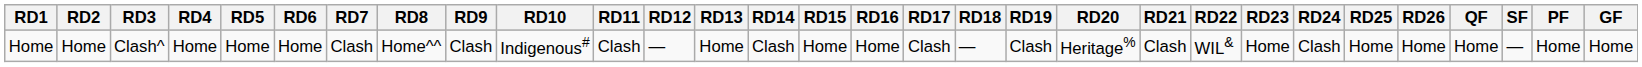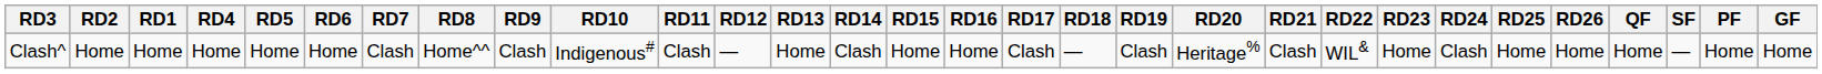 <table class="wikitable" style="font-size:70%; width:40%">
 <tr>
+<th>RD3</th>
+<th>RD2</th>
 <th>RD1</th>
-<th>RD2</th>
-<th>RD3</th>
 <th>RD4</th>
 <th>RD5</th>
 <th>RD6</th>
 <th>RD7</th>
 <th>RD8</th>
 <th>RD9</th>
 <th>RD10</th>
 <th>RD11</th>
 <th>RD12</th>
 <th>RD13</th>
 <th>RD14</th>
 <th>RD15</th>
 <th>RD16</th>
 <th>RD17</th>
 <th>RD18</th>
 <th>RD19</th>
 <th>RD20</th>
 <th>RD21</th>
 <th>RD22</th>
 <th>RD23</th>
 <th>RD24</th>
 <th>RD25</th>
 <th>RD26</th>
 <th>QF</th>
 <th>SF</th>
 <th>PF</th>
 <th>GF</th>
 </tr>
 <tr>
+<td>Clash^</td>
 <td>Home</td>
 <td>Home</td>
-<td>Clash^</td>
 <td>Home</td>
 <td>Home</td>
 <td>Home</td>
 <td>Clash</td>
 <td>Home^^</td>
 <td>Clash</td>
 <td>Indigenous<sup>#</sup></td>
 <td>Clash</td>
 <td>—</td>
 <td>Home</td>
 <td>Clash</td>
 <td>Home</td>
 <td>Home</td>
 <td>Clash</td>
 <td>—</td>
 <td>Clash</td>
 <td>Heritage<sup>%</sup></td>
 <td>Clash</td>
 <td>WIL<sup>&</sup></td>
 <td>Home</td>
 <td>Clash</td>
 <td>Home</td>
 <td>Home</td>
 <td>Home</td>
 <td>—</td>
 <td>Home</td>
 <td>Home</td>
 </tr>
 </table>
